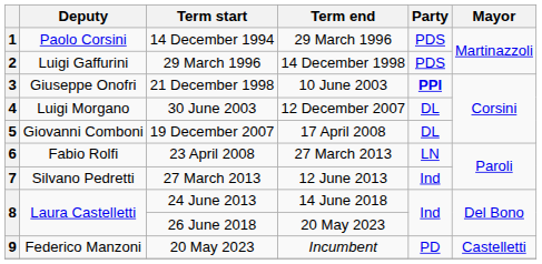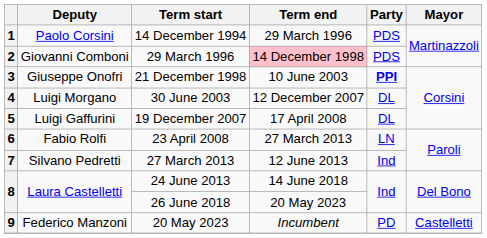 <table class="wikitable" style="text-align: center;">
 <tr>
 <th class=unsortable> </th>
 <th>Deputy</th>
 <th>Term start</th>
 <th>Term end</th>
 <th>Party</th>
 <th>Mayor</th>
 </tr>
 <tr>
 <th style="background:">1</th>
 <td><a href='#'>Paolo Corsini</a></td>
 <td>14 December 1994</td>
 <td>29 March 1996</td>
 <td><a href='#'>PDS</a></td>
 <td rowspan=2><a href='#'>Martinazzoli</a></td>
 </tr>
 <tr>
 <th style="background:">2</th>
-<td>Luigi Gaffurini</td>
+<td>Giovanni Comboni</td>
 <td>29 March 1996</td>
-<td>14 December 1998</td>
+<td style="background: pink;">14 December 1998</td>
 <td><a href='#'>PDS</a></td>
 </tr>
 <tr>
 <th style="background:">3</th>
 <td>Giuseppe Onofri</td>
 <td>21 December 1998</td>
 <td>10 June 2003</td>
 <td><strong><a href='#'>PPI</a></strong></td>
 <td rowspan=3><a href='#'>Corsini</a></td>
 </tr>
 <tr>
 <th style="background:">4</th>
 <td>Luigi Morgano</td>
 <td>30 June 2003</td>
 <td>12 December 2007</td>
 <td><a href='#'>DL</a></td>
 </tr>
 <tr>
 <th style="background:">5</th>
-<td>Giovanni Comboni</td>
+<td>Luigi Gaffurini</td>
 <td>19 December 2007</td>
 <td>17 April 2008</td>
 <td><a href='#'>DL</a></td>
 </tr>
 <tr>
 <th style="background:">6</th>
 <td>Fabio Rolfi</td>
 <td>23 April 2008</td>
 <td>27 March 2013</td>
 <td><a href='#'>LN</a></td>
 <td rowspan=2><a href='#'>Paroli</a></td>
 </tr>
 <tr>
 <th style="background:">7</th>
 <td>Silvano Pedretti</td>
 <td>27 March 2013</td>
 <td>12 June 2013</td>
 <td><a href='#'>Ind</a></td>
 </tr>
 <tr>
 <th rowspan=2 style="background:">8</th>
 <td rowspan=2><a href='#'>Laura Castelletti</a></td>
 <td>24 June 2013</td>
 <td>14 June 2018</td>
 <td rowspan=2><a href='#'>Ind</a></td>
 <td rowspan=2><a href='#'>Del Bono</a></td>
 </tr>
 <tr>
 <td>26 June 2018</td>
 <td>20 May 2023</td>
 </tr>
 <tr>
 <th style="background:">9</th>
 <td>Federico Manzoni</td>
 <td>20 May 2023</td>
 <td><em>Incumbent</em></td>
 <td><a href='#'>PD</a></td>
 <td><a href='#'>Castelletti</a></td>
 </tr>
 <tr>
 </tr>
 </table>
